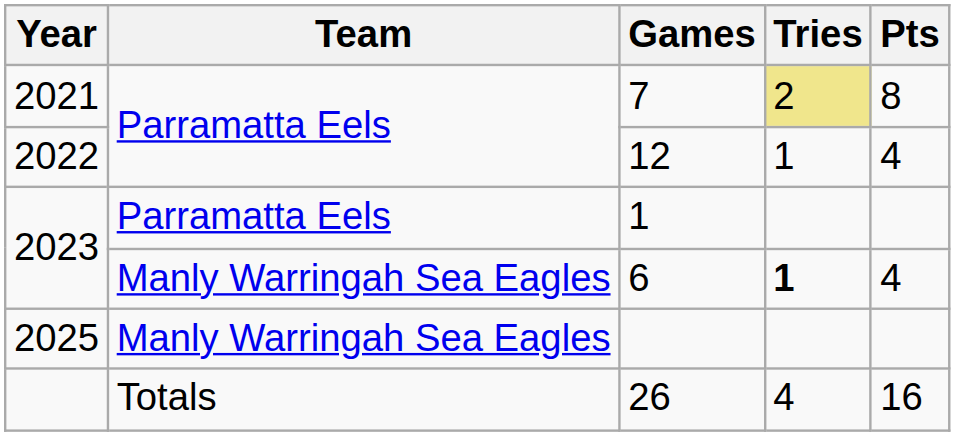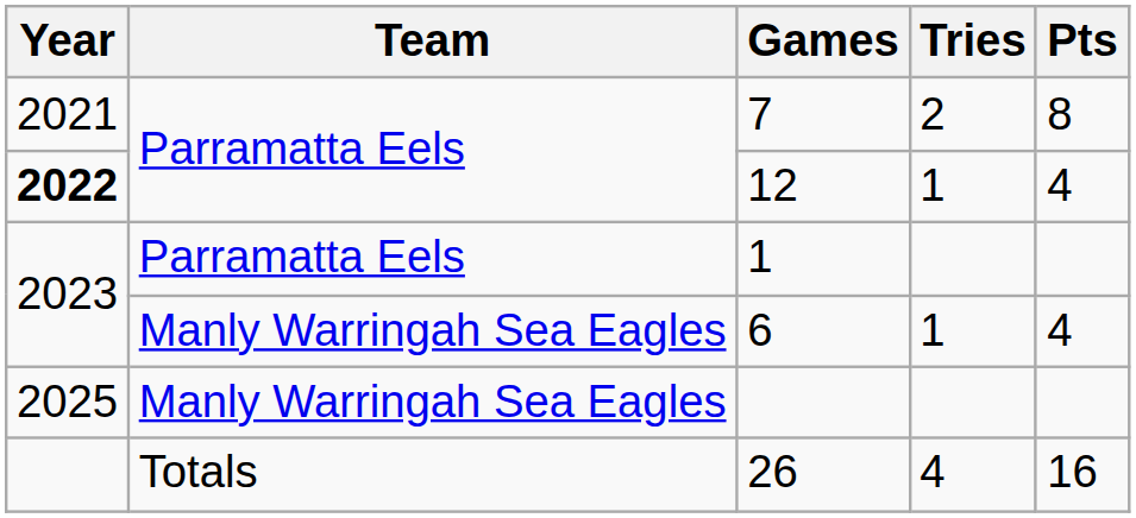 <table class="wikitable">
 <tr>
 <th>Year</th>
 <th>Team</th>
 <th>Games</th>
 <th>Tries</th>
 <th>Pts</th>
 </tr>
 <tr>
 <td>2021</td>
 <td rowspan="2"> <a href='#'>Parramatta Eels</a></td>
 <td>7</td>
-<td style="background: khaki;">2</td>
+<td>2</td>
 <td>8</td>
 </tr>
 <tr>
-<td>2022</td>
+<td><strong>2022</strong></td>
 <td>12</td>
 <td>1</td>
 <td>4</td>
 </tr>
 <tr>
 <td rowspan="2">2023</td>
 <td> <a href='#'>Parramatta Eels</a></td>
 <td>1</td>
 <td></td>
 <td></td>
 </tr>
 <tr>
 <td> <a href='#'>Manly Warringah Sea Eagles</a></td>
 <td>6</td>
-<td><strong>1</strong></td>
+<td>1</td>
 <td>4</td>
 </tr>
 <tr>
 <td>2025</td>
 <td> <a href='#'>Manly Warringah Sea Eagles</a></td>
 <td></td>
 <td></td>
 <td></td>
 </tr>
 <tr>
 <td></td>
 <td>Totals</td>
 <td>26</td>
 <td>4</td>
 <td>16</td>
 </tr>
 </table>
